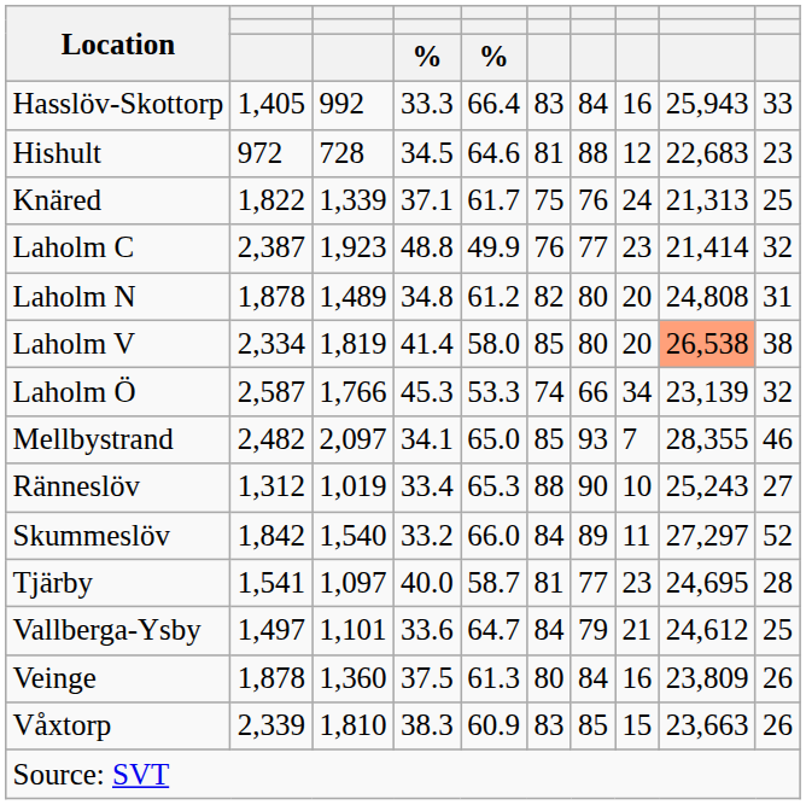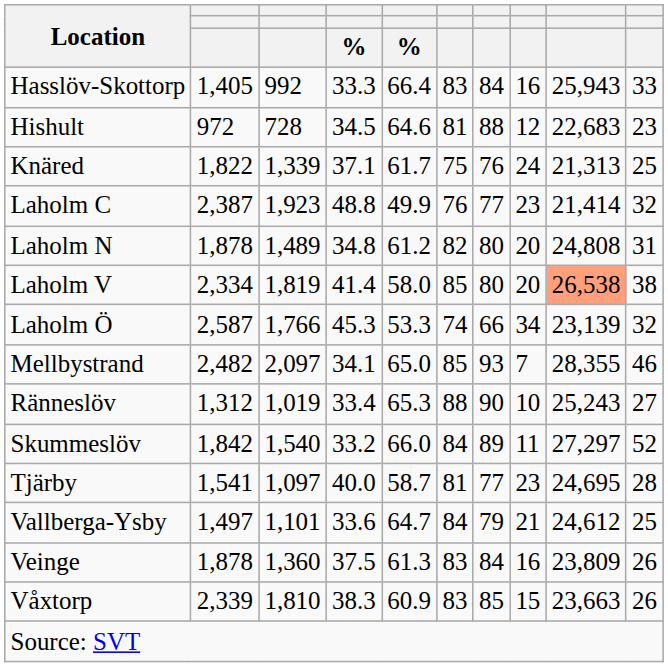 <table role="presentation" class="wikitable sortable mw-collapsible">
 <tr>
 <th rowspan="3">Location</th>
 <th></th>
 <th></th>
 <th></th>
 <th></th>
 <th></th>
 <th></th>
 <th></th>
 <th></th>
 <th></th>
 </tr>
 <tr>
 <th></th>
 <th></th>
 <th style="background:"></th>
 <th style="background:"></th>
 <th></th>
 <th></th>
 <th></th>
 <th></th>
 <th></th>
 </tr>
 <tr>
 <th data-sort-type="number"></th>
 <th data-sort-type="number"></th>
 <th data-sort-type="number">%</th>
 <th data-sort-type="number">%</th>
 <th data-sort-type="number"></th>
 <th data-sort-type="number"></th>
 <th data-sort-type="number"></th>
 <th data-sort-type="number"></th>
 <th data-sort-type="number"></th>
 </tr>
 <tr>
 <td align="left">Hasslöv-Skottorp</td>
 <td>1,405</td>
 <td>992</td>
 <td>33.3</td>
 <td>66.4</td>
 <td>83</td>
 <td>84</td>
 <td>16</td>
 <td>25,943</td>
 <td>33</td>
 </tr>
 <tr>
 <td align="left">Hishult</td>
 <td>972</td>
 <td>728</td>
 <td>34.5</td>
 <td>64.6</td>
 <td>81</td>
 <td>88</td>
 <td>12</td>
 <td>22,683</td>
 <td>23</td>
 </tr>
 <tr>
 <td align="left">Knäred</td>
 <td>1,822</td>
 <td>1,339</td>
 <td>37.1</td>
 <td>61.7</td>
 <td>75</td>
 <td>76</td>
 <td>24</td>
 <td>21,313</td>
 <td>25</td>
 </tr>
 <tr>
 <td align="left">Laholm C</td>
 <td>2,387</td>
 <td>1,923</td>
 <td>48.8</td>
 <td>49.9</td>
 <td>76</td>
 <td>77</td>
 <td>23</td>
 <td>21,414</td>
 <td>32</td>
 </tr>
 <tr>
 <td align="left">Laholm N</td>
 <td>1,878</td>
 <td>1,489</td>
 <td>34.8</td>
 <td>61.2</td>
 <td>82</td>
 <td>80</td>
 <td>20</td>
 <td>24,808</td>
 <td>31</td>
 </tr>
 <tr>
 <td align="left">Laholm V</td>
 <td>2,334</td>
 <td>1,819</td>
 <td>41.4</td>
 <td>58.0</td>
 <td>85</td>
 <td>80</td>
 <td>20</td>
 <td style="background: lightsalmon;">26,538</td>
 <td>38</td>
 </tr>
 <tr>
 <td align="left">Laholm Ö</td>
 <td>2,587</td>
 <td>1,766</td>
 <td>45.3</td>
 <td>53.3</td>
 <td>74</td>
 <td>66</td>
 <td>34</td>
 <td>23,139</td>
 <td>32</td>
 </tr>
 <tr>
 <td align="left">Mellbystrand</td>
 <td>2,482</td>
 <td>2,097</td>
 <td>34.1</td>
 <td>65.0</td>
 <td>85</td>
 <td>93</td>
 <td>7</td>
 <td>28,355</td>
 <td>46</td>
 </tr>
 <tr>
 <td align="left">Ränneslöv</td>
 <td>1,312</td>
 <td>1,019</td>
 <td>33.4</td>
 <td>65.3</td>
 <td>88</td>
 <td>90</td>
 <td>10</td>
 <td>25,243</td>
 <td>27</td>
 </tr>
 <tr>
 <td align="left">Skummeslöv</td>
 <td>1,842</td>
 <td>1,540</td>
 <td>33.2</td>
 <td>66.0</td>
 <td>84</td>
 <td>89</td>
 <td>11</td>
 <td>27,297</td>
 <td>52</td>
 </tr>
 <tr>
 <td align="left">Tjärby</td>
 <td>1,541</td>
 <td>1,097</td>
 <td>40.0</td>
 <td>58.7</td>
 <td>81</td>
 <td>77</td>
 <td>23</td>
 <td>24,695</td>
 <td>28</td>
 </tr>
 <tr>
 <td align="left">Vallberga-Ysby</td>
 <td>1,497</td>
 <td>1,101</td>
 <td>33.6</td>
 <td>64.7</td>
 <td>84</td>
 <td>79</td>
 <td>21</td>
 <td>24,612</td>
 <td>25</td>
 </tr>
 <tr>
 <td align="left">Veinge</td>
 <td>1,878</td>
 <td>1,360</td>
 <td>37.5</td>
 <td>61.3</td>
-<td>80</td>
+<td>83</td>
 <td>84</td>
 <td>16</td>
 <td>23,809</td>
 <td>26</td>
 </tr>
 <tr>
 <td align="left">Våxtorp</td>
 <td>2,339</td>
 <td>1,810</td>
 <td>38.3</td>
 <td>60.9</td>
 <td>83</td>
 <td>85</td>
 <td>15</td>
 <td>23,663</td>
 <td>26</td>
 </tr>
 <tr>
 <td colspan="10" align="left">Source: <a href='#'>SVT</a></td>
 </tr>
 </table>
